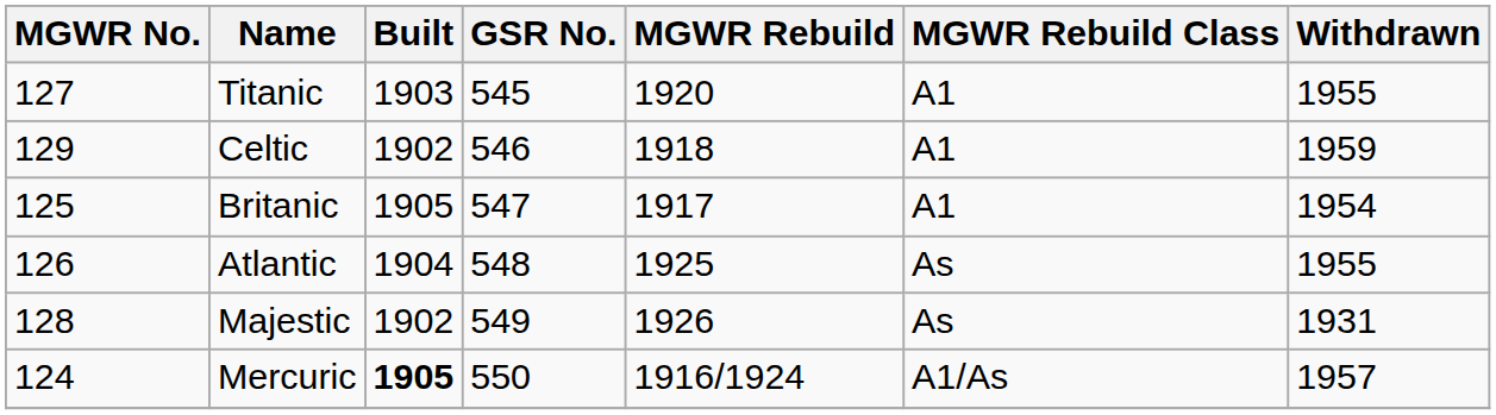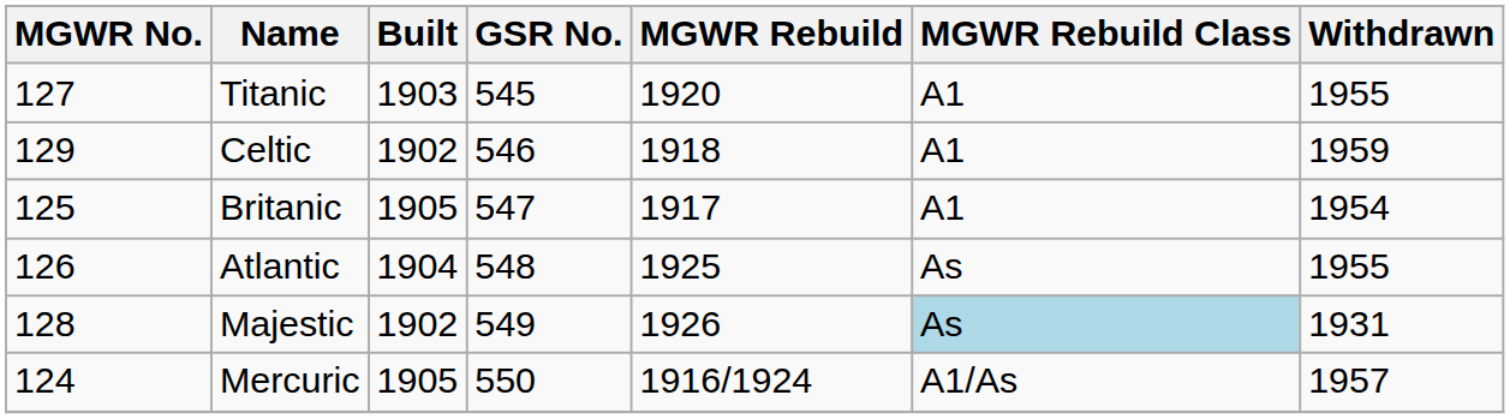 <table class="wikitable sortable">
 <tr>
 <th>MGWR No.</th>
 <th>Name</th>
 <th>Built</th>
 <th>GSR No.</th>
 <th>MGWR Rebuild</th>
 <th>MGWR Rebuild Class</th>
 <th>Withdrawn</th>
 </tr>
 <tr>
 <td>127</td>
 <td>Titanic</td>
 <td>1903</td>
 <td>545</td>
 <td>1920</td>
 <td>A1</td>
 <td>1955</td>
 </tr>
 <tr>
 <td>129</td>
 <td>Celtic</td>
 <td>1902</td>
 <td>546</td>
 <td>1918</td>
 <td>A1</td>
 <td>1959</td>
 </tr>
 <tr>
 <td>125</td>
 <td>Britanic</td>
 <td>1905</td>
 <td>547</td>
 <td>1917</td>
 <td>A1</td>
 <td>1954</td>
 </tr>
 <tr>
 <td>126</td>
 <td>Atlantic</td>
 <td>1904</td>
 <td>548</td>
 <td>1925</td>
 <td>As</td>
 <td>1955</td>
 </tr>
 <tr>
 <td>128</td>
 <td>Majestic</td>
 <td>1902</td>
 <td>549</td>
 <td>1926</td>
-<td>As</td>
+<td style="background: lightblue;">As</td>
 <td>1931</td>
 </tr>
 <tr>
 <td>124</td>
 <td>Mercuric</td>
-<td><strong>1905</strong></td>
+<td>1905</td>
 <td>550</td>
 <td>1916/1924</td>
 <td>A1/As</td>
 <td>1957</td>
 </tr>
 <tr>
 </tr>
 </table>
